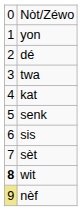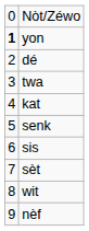 <table class="wikitable" style="float:left; margin-right:0.5em">
 <tr>
 <td>0</td>
 <td>Nòt/Zéwo</td>
 </tr>
 <tr>
-<td>1</td>
+<td><strong>1</strong></td>
 <td>yon</td>
 </tr>
 <tr>
 <td>2</td>
 <td>dé</td>
 </tr>
 <tr>
 <td>3</td>
 <td>twa</td>
 </tr>
 <tr>
 <td>4</td>
 <td>kat</td>
 </tr>
 <tr>
 <td>5</td>
 <td>senk</td>
 </tr>
 <tr>
 <td>6</td>
 <td>sis</td>
 </tr>
 <tr>
 <td>7</td>
 <td>sèt</td>
 </tr>
 <tr>
-<td><strong>8</strong></td>
+<td>8</td>
 <td>wit</td>
 </tr>
 <tr>
-<td style="background: khaki;">9</td>
+<td>9</td>
 <td>nèf</td>
 </tr>
 </table>
